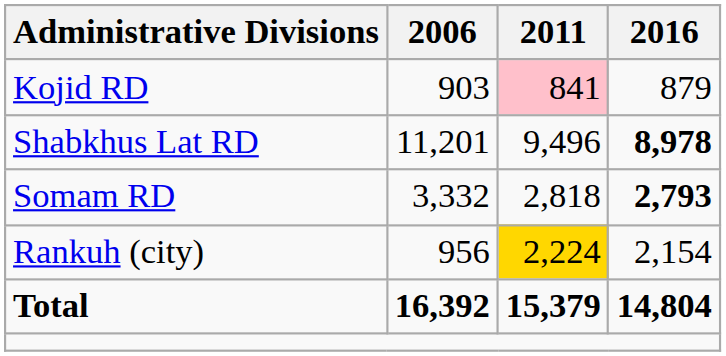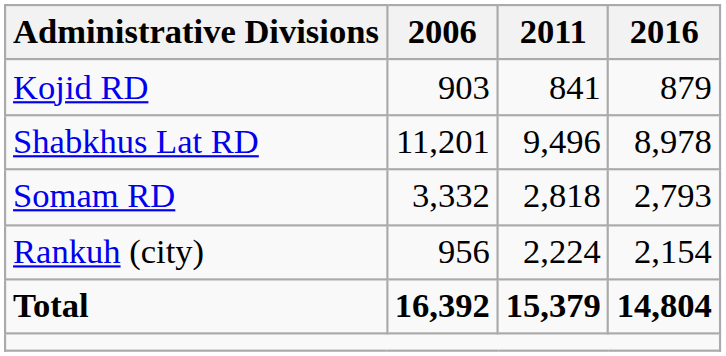 <table class="wikitable">
 <tr>
 <th>Administrative Divisions</th>
 <th>2006</th>
 <th>2011</th>
 <th>2016</th>
 </tr>
 <tr>
 <td><a href='#'>Kojid RD</a></td>
 <td style="text-align: right;">903</td>
-<td style="background: pink; text-align: right;">841</td>
+<td style="text-align: right;">841</td>
 <td style="text-align: right;">879</td>
 </tr>
 <tr>
 <td><a href='#'>Shabkhus Lat RD</a></td>
 <td style="text-align: right;">11,201</td>
 <td style="text-align: right;">9,496</td>
-<td style="text-align: right;"><strong>8,978</strong></td>
+<td style="text-align: right;">8,978</td>
 </tr>
 <tr>
 <td><a href='#'>Somam RD</a></td>
 <td style="text-align: right;">3,332</td>
 <td style="text-align: right;">2,818</td>
-<td style="text-align: right;"><strong>2,793</strong></td>
+<td style="text-align: right;">2,793</td>
 </tr>
 <tr>
 <td><a href='#'>Rankuh</a> (city)</td>
 <td style="text-align: right;">956</td>
-<td style="background: gold; text-align: right;">2,224</td>
+<td style="text-align: right;">2,224</td>
 <td style="text-align: right;">2,154</td>
 </tr>
 <tr>
 <td><strong>Total</strong></td>
 <td style="text-align: right;"><strong>16,392</strong></td>
 <td style="text-align: right;"><strong>15,379</strong></td>
 <td style="text-align: right;"><strong>14,804</strong></td>
 </tr>
 <tr>
 <td colspan=4></td>
 </tr>
 </table>
